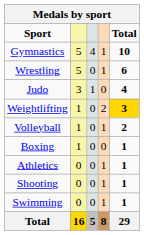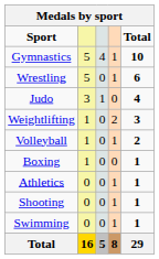 <table class=wikitable style="font-size:95%; float:right">
 <tr bgcolor=efefef>
 <th colspan=7><strong>Medals by sport</strong></th>
 </tr>
 <tr align=center>
 <td><strong>Sport</strong></td>
 <td bgcolor=f7f6a8></td>
 <td bgcolor=dce5e5></td>
 <td bgcolor=ffdab9></td>
 <td><strong>Total</strong></td>
 </tr>
 <tr align=center>
 <td><a href='#'>Gymnastics</a></td>
 <td style="background:#F7F6A8;">5</td>
 <td style="background:#DCE5E5;">4</td>
 <td style="background:#FFDAB9;">1</td>
 <td><strong>10</strong></td>
 </tr>
 <tr align=center>
 <td><a href='#'>Wrestling</a></td>
 <td style="background:#F7F6A8;">5</td>
 <td style="background:#DCE5E5;">0</td>
 <td style="background:#FFDAB9;">1</td>
 <td><strong>6</strong></td>
 </tr>
 <tr align=center>
 <td><a href='#'>Judo</a></td>
 <td style="background:#F7F6A8;">3</td>
 <td style="background:#DCE5E5;">1</td>
 <td style="background:#FFDAB9;">0</td>
 <td><strong>4</strong></td>
 </tr>
 <tr align=center>
 <td><a href='#'>Weightlifting</a></td>
 <td style="background:#F7F6A8;">1</td>
 <td style="background:#DCE5E5;">0</td>
 <td style="background:#FFDAB9;">2</td>
-<td style="background: gold;"><strong>3</strong></td>
+<td><strong>3</strong></td>
 </tr>
 <tr align=center>
 <td><a href='#'>Volleyball</a></td>
 <td style="background:#F7F6A8;">1</td>
 <td style="background:#DCE5E5;">0</td>
 <td style="background:#FFDAB9;">1</td>
 <td><strong>2</strong></td>
 </tr>
 <tr align=center>
 <td><a href='#'>Boxing</a></td>
 <td style="background:#F7F6A8;">1</td>
 <td style="background:#DCE5E5;">0</td>
 <td style="background:#FFDAB9;">0</td>
 <td><strong>1</strong></td>
 </tr>
 <tr align=center>
 <td><a href='#'>Athletics</a></td>
 <td style="background:#F7F6A8;">0</td>
 <td style="background:#DCE5E5;">0</td>
 <td style="background:#FFDAB9;">1</td>
 <td><strong>1</strong></td>
 </tr>
 <tr align=center>
 <td><a href='#'>Shooting</a></td>
 <td style="background:#F7F6A8;">0</td>
 <td style="background:#DCE5E5;">0</td>
 <td style="background:#FFDAB9;">1</td>
 <td><strong>1</strong></td>
 </tr>
 <tr align=center>
 <td><a href='#'>Swimming</a></td>
 <td style="background:#F7F6A8;">0</td>
 <td style="background:#DCE5E5;">0</td>
 <td style="background:#FFDAB9;">1</td>
 <td><strong>1</strong></td>
 </tr>
 <tr align=center>
 <th>Total</th>
 <th style="background:gold">16</th>
 <th style="background:silver">5</th>
 <th style="background:#c96">8</th>
 <th>29</th>
 </tr>
 </table>
